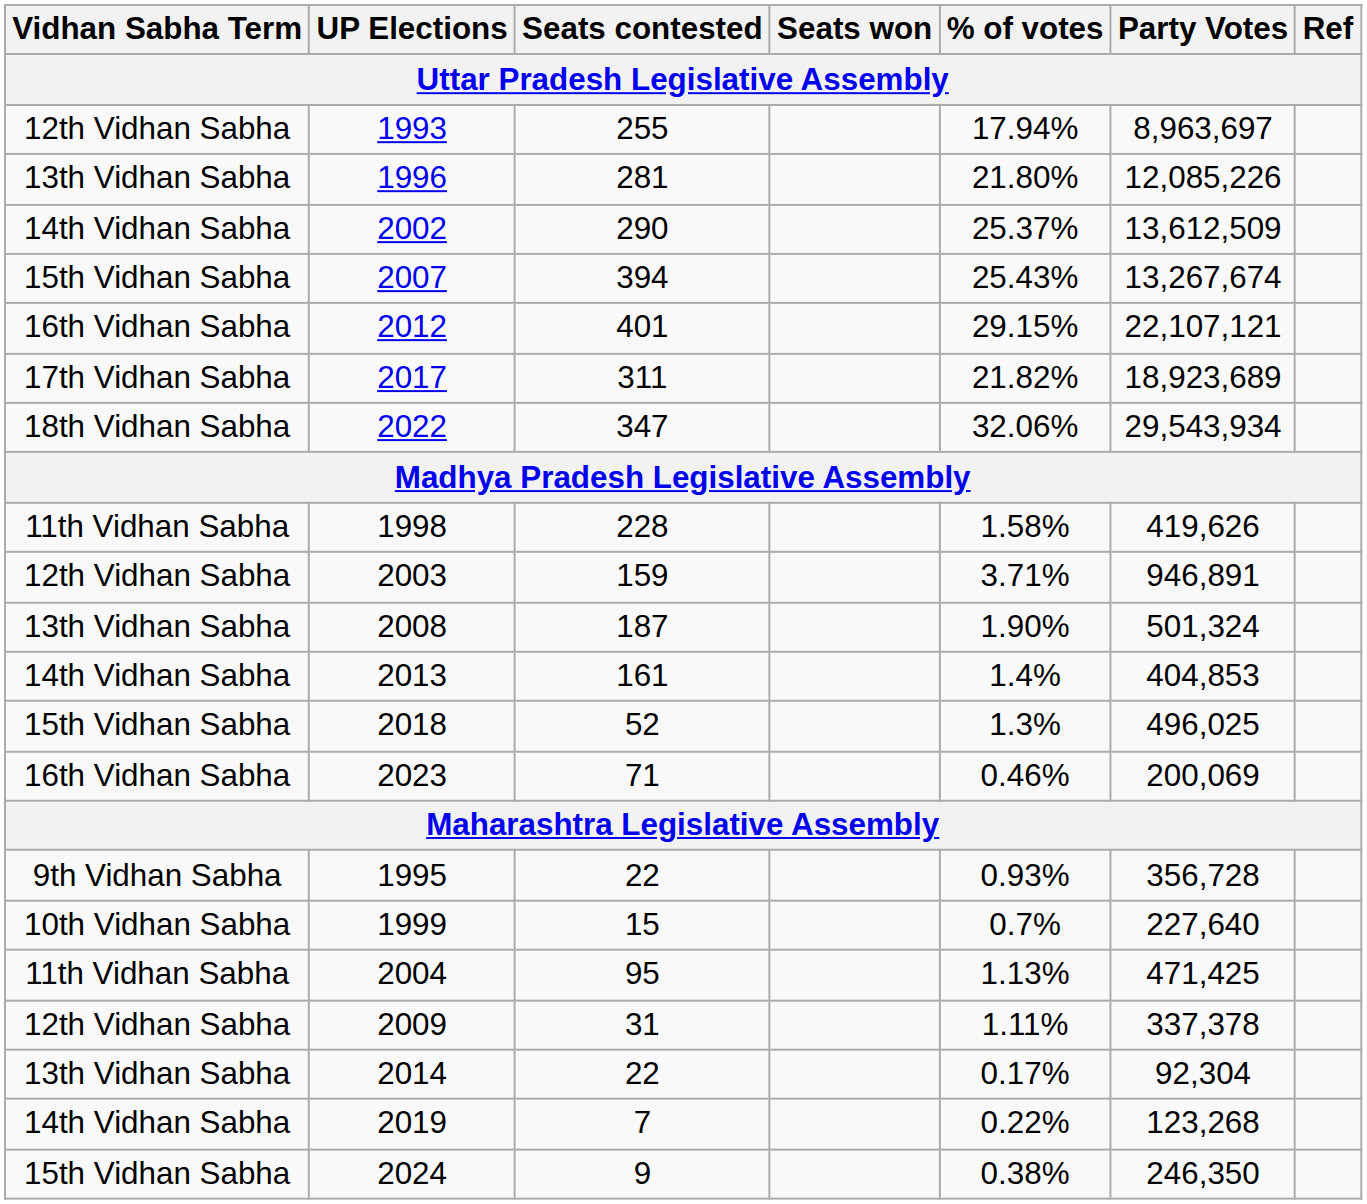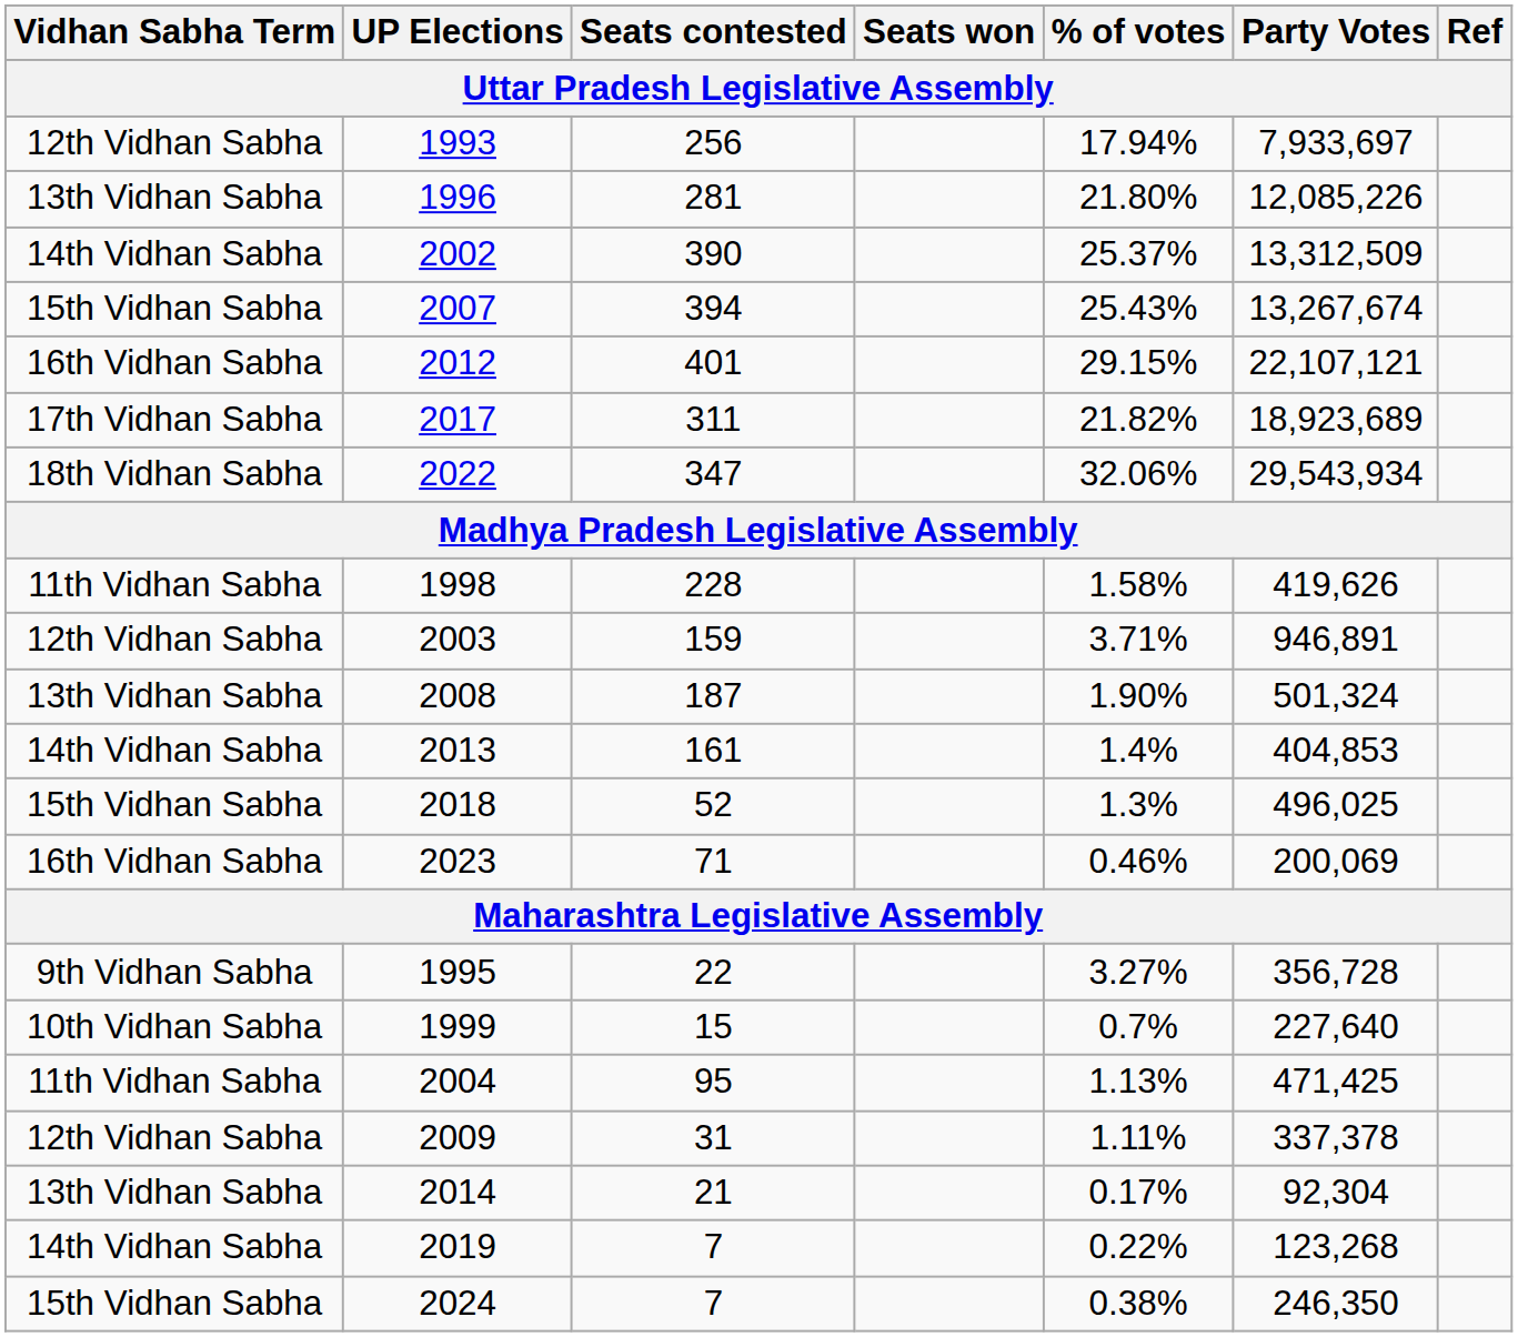 <table class="wikitable sortable" style="text-align:center;">
 <tr>
 <th style="background-color:">Vidhan Sabha Term</th>
 <th style="background-color:">UP Elections</th>
 <th style="background-color:">Seats contested</th>
 <th style="background-color:">Seats won</th>
 <th style="background-color:">% of votes</th>
 <th style="background-color:">Party Votes</th>
 <th style="background-color:">Ref</th>
 </tr>
 <tr>
 <th Colspan="7"><a href='#'>Uttar Pradesh Legislative Assembly</a></th>
 </tr>
 <tr>
 <td>12th Vidhan Sabha</td>
 <td><a href='#'>1993</a></td>
-<td>255</td>
+<td>256</td>
 <td></td>
 <td>17.94%</td>
-<td>8,963,697</td>
+<td>7,933,697</td>
 <td></td>
 </tr>
 <tr>
 <td>13th Vidhan Sabha</td>
 <td><a href='#'>1996</a></td>
 <td>281</td>
 <td></td>
 <td>21.80%</td>
 <td>12,085,226</td>
 <td></td>
 </tr>
 <tr>
 <td>14th Vidhan Sabha</td>
 <td><a href='#'>2002</a></td>
-<td>290</td>
+<td>390</td>
 <td></td>
 <td>25.37%</td>
-<td>13,612,509</td>
+<td>13,312,509</td>
 <td></td>
 </tr>
 <tr>
 <td>15th Vidhan Sabha</td>
 <td><a href='#'>2007</a></td>
 <td>394</td>
 <td></td>
 <td>25.43%</td>
 <td>13,267,674</td>
 <td></td>
 </tr>
 <tr>
 <td>16th Vidhan Sabha</td>
 <td><a href='#'>2012</a></td>
 <td>401</td>
 <td></td>
 <td>29.15%</td>
 <td>22,107,121</td>
 <td></td>
 </tr>
 <tr>
 <td>17th Vidhan Sabha</td>
 <td><a href='#'>2017</a></td>
 <td>311</td>
 <td></td>
 <td>21.82%</td>
 <td>18,923,689</td>
 <td></td>
 </tr>
 <tr>
 <td>18th Vidhan Sabha</td>
 <td><a href='#'>2022</a></td>
 <td>347</td>
 <td></td>
 <td>32.06%</td>
 <td>29,543,934</td>
 <td></td>
 </tr>
 <tr>
 <th Colspan="7"><a href='#'>Madhya Pradesh Legislative Assembly</a></th>
 </tr>
 <tr>
 <td>11th Vidhan Sabha</td>
 <td>1998</td>
 <td>228</td>
 <td></td>
 <td>1.58%</td>
 <td>419,626</td>
 <td></td>
 </tr>
 <tr>
 <td>12th Vidhan Sabha</td>
 <td>2003</td>
 <td>159</td>
 <td></td>
 <td>3.71%</td>
 <td>946,891</td>
 <td></td>
 </tr>
 <tr>
 <td>13th Vidhan Sabha</td>
 <td>2008</td>
 <td>187</td>
 <td></td>
 <td>1.90%</td>
 <td>501,324</td>
 <td></td>
 </tr>
 <tr>
 <td>14th Vidhan Sabha</td>
 <td>2013</td>
 <td>161</td>
 <td></td>
 <td>1.4%</td>
 <td>404,853</td>
 <td></td>
 </tr>
 <tr>
 <td>15th Vidhan Sabha</td>
 <td>2018</td>
 <td>52</td>
 <td></td>
 <td>1.3%</td>
 <td>496,025</td>
 <td></td>
 </tr>
 <tr>
 <td>16th Vidhan Sabha</td>
 <td>2023</td>
 <td>71</td>
 <td></td>
 <td>0.46%</td>
 <td>200,069</td>
 <td></td>
 </tr>
 <tr>
 <th Colspan="7"><a href='#'>Maharashtra Legislative Assembly</a></th>
 </tr>
 <tr>
 <td>9th Vidhan Sabha</td>
 <td>1995</td>
 <td>22</td>
 <td></td>
-<td>0.93%</td>
+<td>3.27%</td>
 <td>356,728</td>
 <td></td>
 </tr>
 <tr>
 <td>10th Vidhan Sabha</td>
 <td>1999</td>
 <td>15</td>
 <td></td>
 <td>0.7%</td>
 <td>227,640</td>
 <td></td>
 </tr>
 <tr>
 <td>11th Vidhan Sabha</td>
 <td>2004</td>
 <td>95</td>
 <td></td>
 <td>1.13%</td>
 <td>471,425</td>
 <td></td>
 </tr>
 <tr>
 <td>12th Vidhan Sabha</td>
 <td>2009</td>
 <td>31</td>
 <td></td>
 <td>1.11%</td>
 <td>337,378</td>
 <td></td>
 </tr>
 <tr>
 <td>13th Vidhan Sabha</td>
 <td>2014</td>
-<td>22</td>
+<td>21</td>
 <td></td>
 <td>0.17%</td>
 <td>92,304</td>
 <td></td>
 </tr>
 <tr>
 <td>14th Vidhan Sabha</td>
 <td>2019</td>
 <td>7</td>
 <td></td>
 <td>0.22%</td>
 <td>123,268</td>
 <td></td>
 </tr>
 <tr>
 <td>15th Vidhan Sabha</td>
 <td>2024</td>
-<td>9</td>
+<td>7</td>
 <td></td>
 <td>0.38%</td>
 <td>246,350</td>
 <td></td>
 </tr>
 </table>
